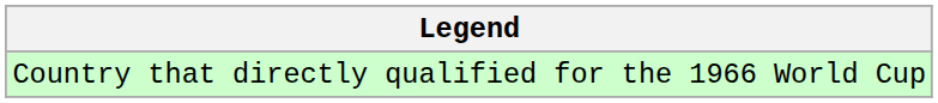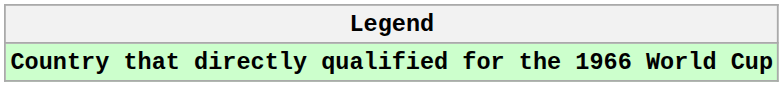 <table class="wikitable">
 <tr>
 <th>Legend</th>
 </tr>
 <tr bgcolor=#ccffcc>
-<td>Country that directly qualified for the 1966 World Cup</td>
+<td><strong>Country that directly qualified for the 1966 World Cup</strong></td>
 </tr>
 </table>
